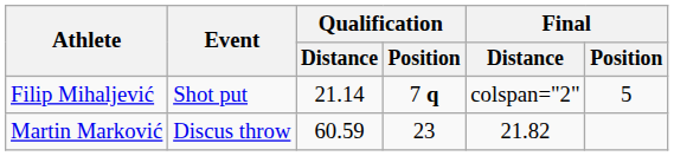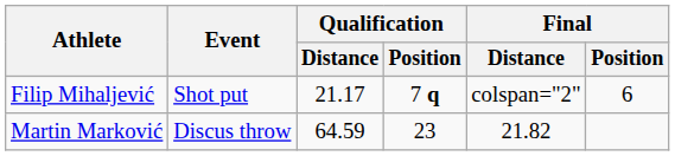 <table class=wikitable style=font-size:90%>
 <tr>
 <th rowspan=2>Athlete</th>
 <th rowspan=2>Event</th>
 <th colspan=2>Qualification</th>
 <th colspan=2>Final</th>
 </tr>
 <tr style=font-size:95%>
 <th>Distance</th>
 <th>Position</th>
 <th>Distance</th>
 <th>Position</th>
 </tr>
 <tr align=center>
 <td align=left><a href='#'>Filip Mihaljević</a></td>
 <td align=left><a href='#'>Shot put</a></td>
-<td>21.14</td>
+<td>21.17</td>
 <td>7 <strong>q</strong></td>
 <td>colspan="2" </td>
-<td>5</td>
+<td>6</td>
 </tr>
 <tr align=center>
 <td align=left><a href='#'>Martin Marković</a></td>
 <td align=left><a href='#'>Discus throw</a></td>
-<td>60.59</td>
+<td>64.59</td>
 <td>23</td>
 <td>21.82</td>
 </tr>
 </table>
